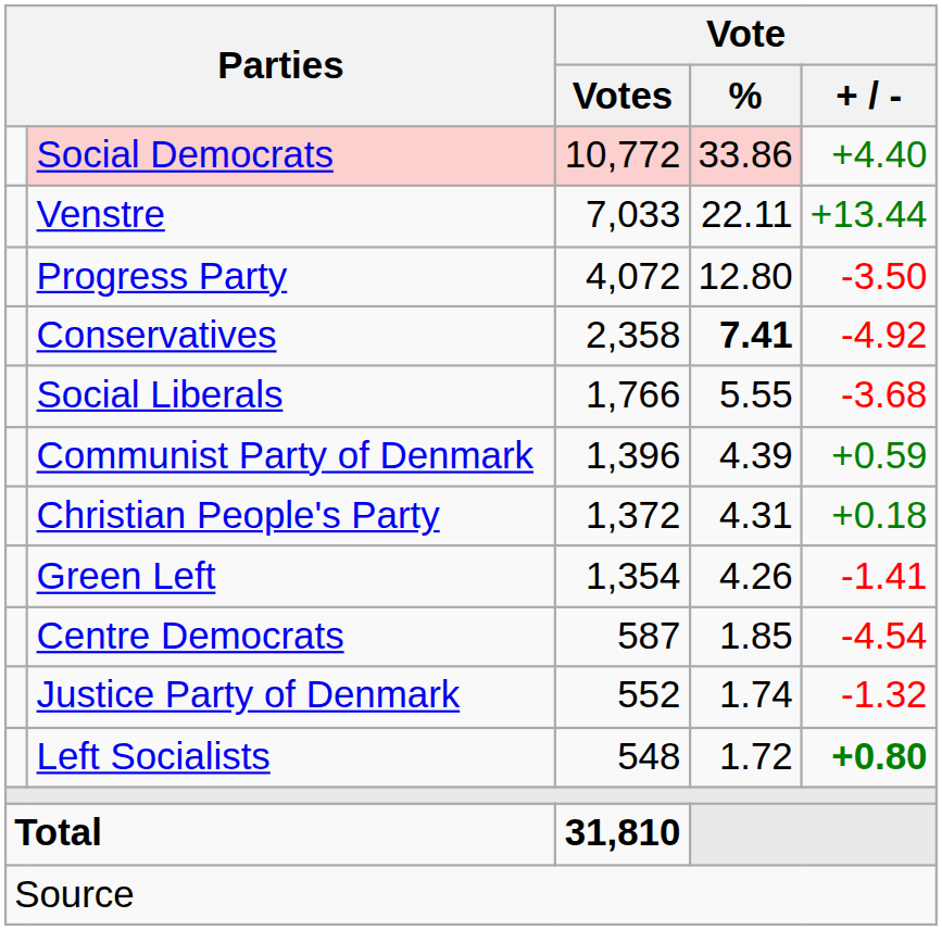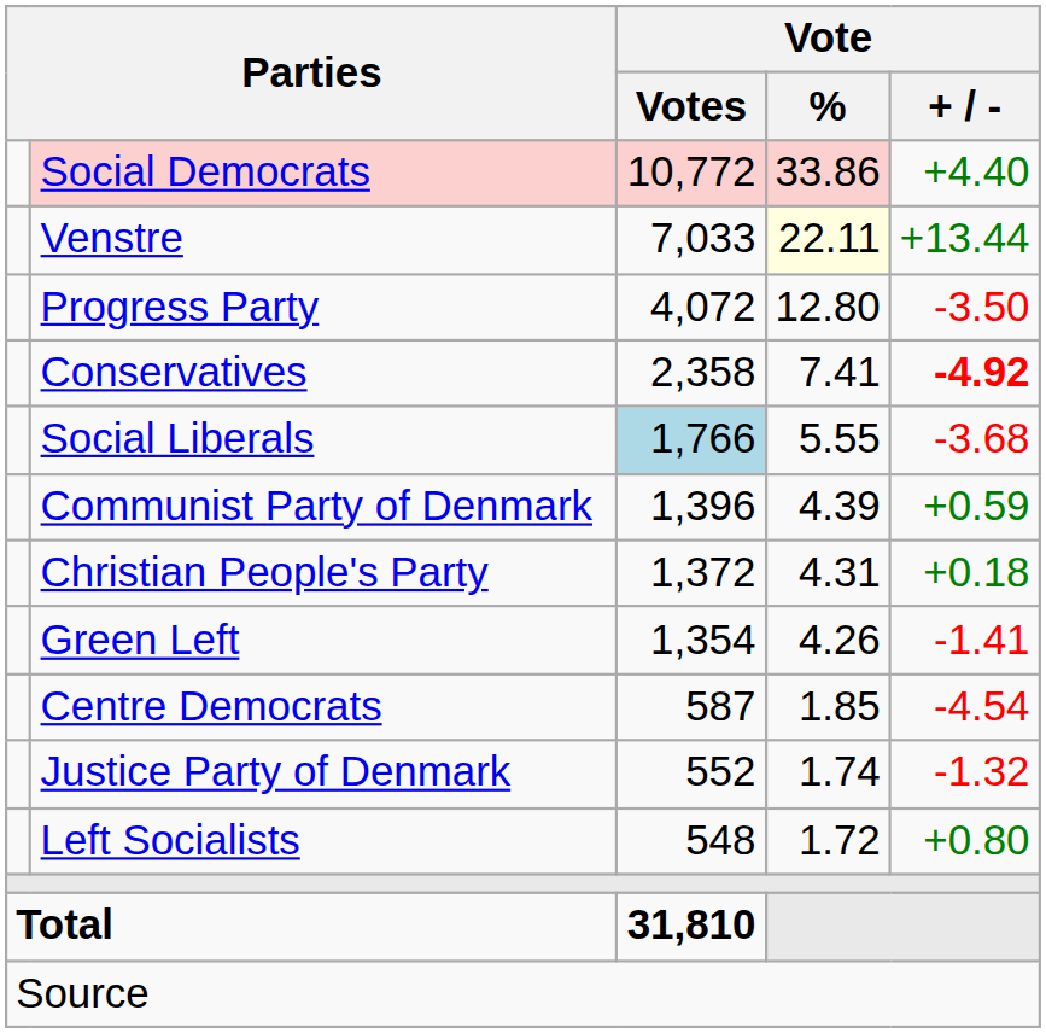 <table class="wikitable" style="text-align:right;">
 <tr>
 <th style="text-align:centre;" rowspan="2" colspan="2" width="225">Parties</th>
 <th colspan="3">Vote</th>
 </tr>
 <tr>
 <th width="15">Votes</th>
 <th width="15">%</th>
 <th width="15">+ / -</th>
 </tr>
 <tr>
 <td width="2" style="color:inherit;background:"></td>
 <td bgcolor=#fbd0ce  align="left"><a href='#'>Social Democrats</a></td>
 <td bgcolor=#fbd0ce>10,772</td>
 <td bgcolor=#fbd0ce>33.86</td>
 <td style=color:green;>+4.40</td>
 </tr>
 <tr>
 <td width="2" style="color:inherit;background:"></td>
 <td align="left"><a href='#'>Venstre</a></td>
 <td>7,033</td>
-<td>22.11</td>
+<td style="background: lightyellow;">22.11</td>
 <td style=color:green;>+13.44</td>
 </tr>
 <tr>
 <td width="2" style="color:inherit;background:"></td>
 <td align="left"><a href='#'>Progress Party</a></td>
 <td>4,072</td>
 <td>12.80</td>
 <td style=color:red;>-3.50</td>
 </tr>
 <tr>
 <td width="2" style="color:inherit;background:"></td>
 <td align="left"><a href='#'>Conservatives</a></td>
 <td>2,358</td>
-<td><strong>7.41</strong></td>
-<td style=color:red;>-4.92</td>
+<td>7.41</td>
+<td style=color:red;><strong>-4.92</strong></td>
 </tr>
 <tr>
 <td width="2" style="color:inherit;background:"></td>
 <td align="left"><a href='#'>Social Liberals</a></td>
-<td>1,766</td>
+<td style="background: lightblue;">1,766</td>
 <td>5.55</td>
 <td style=color:red;>-3.68</td>
 </tr>
 <tr>
 <td width="2" style="color:inherit;background:"></td>
 <td align="left"><a href='#'>Communist Party of Denmark</a></td>
 <td>1,396</td>
 <td>4.39</td>
 <td style=color:green;>+0.59</td>
 </tr>
 <tr>
 <td width="2" style="color:inherit;background:"></td>
 <td align="left"><a href='#'>Christian People's Party</a></td>
 <td>1,372</td>
 <td>4.31</td>
 <td style=color:green;>+0.18</td>
 </tr>
 <tr>
 <td width="2" style="color:inherit;background:"></td>
 <td align="left"><a href='#'>Green Left</a></td>
 <td>1,354</td>
 <td>4.26</td>
 <td style=color:red;>-1.41</td>
 </tr>
 <tr>
 <td width="2" style="color:inherit;background:"></td>
 <td align="left"><a href='#'>Centre Democrats</a></td>
 <td>587</td>
 <td>1.85</td>
 <td style=color:red;>-4.54</td>
 </tr>
 <tr>
 <td width="2" style="color:inherit;background:"></td>
 <td align="left"><a href='#'>Justice Party of Denmark</a></td>
 <td>552</td>
 <td>1.74</td>
 <td style=color:red;>-1.32</td>
 </tr>
 <tr>
 <td width="2" style="color:inherit;background:"></td>
 <td align="left"><a href='#'>Left Socialists</a></td>
 <td>548</td>
 <td>1.72</td>
-<td style=color:green;><strong>+0.80</strong></td>
+<td style=color:green;>+0.80</td>
 </tr>
 <tr>
 <td colspan="7" bgcolor="#E9E9E9"></td>
 </tr>
 <tr>
 <td align="left" colspan="2"><strong>Total</strong></td>
 <td><strong>31,810</strong></td>
 <td bgcolor="#E9E9E9" colspan="2"></td>
 </tr>
 <tr>
 <td align="left" colspan="6">Source</td>
 </tr>
 </table>
